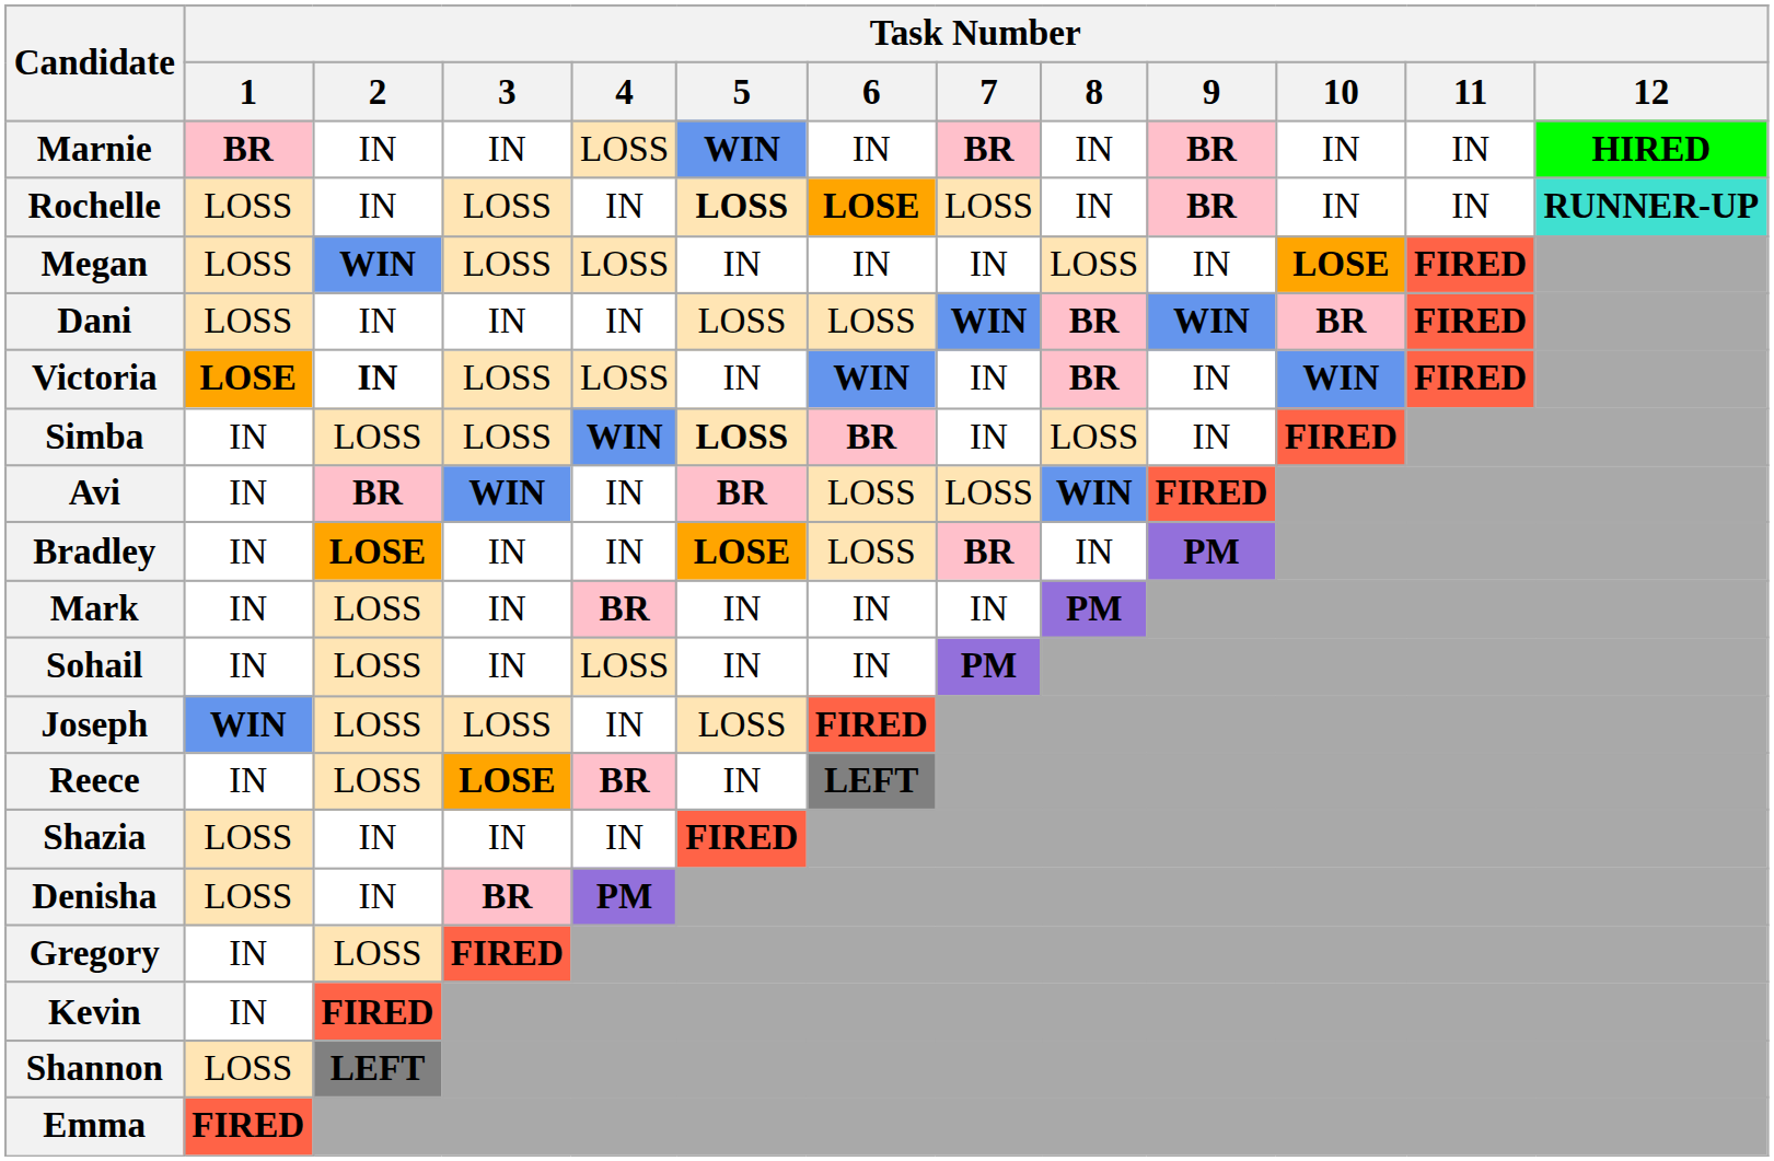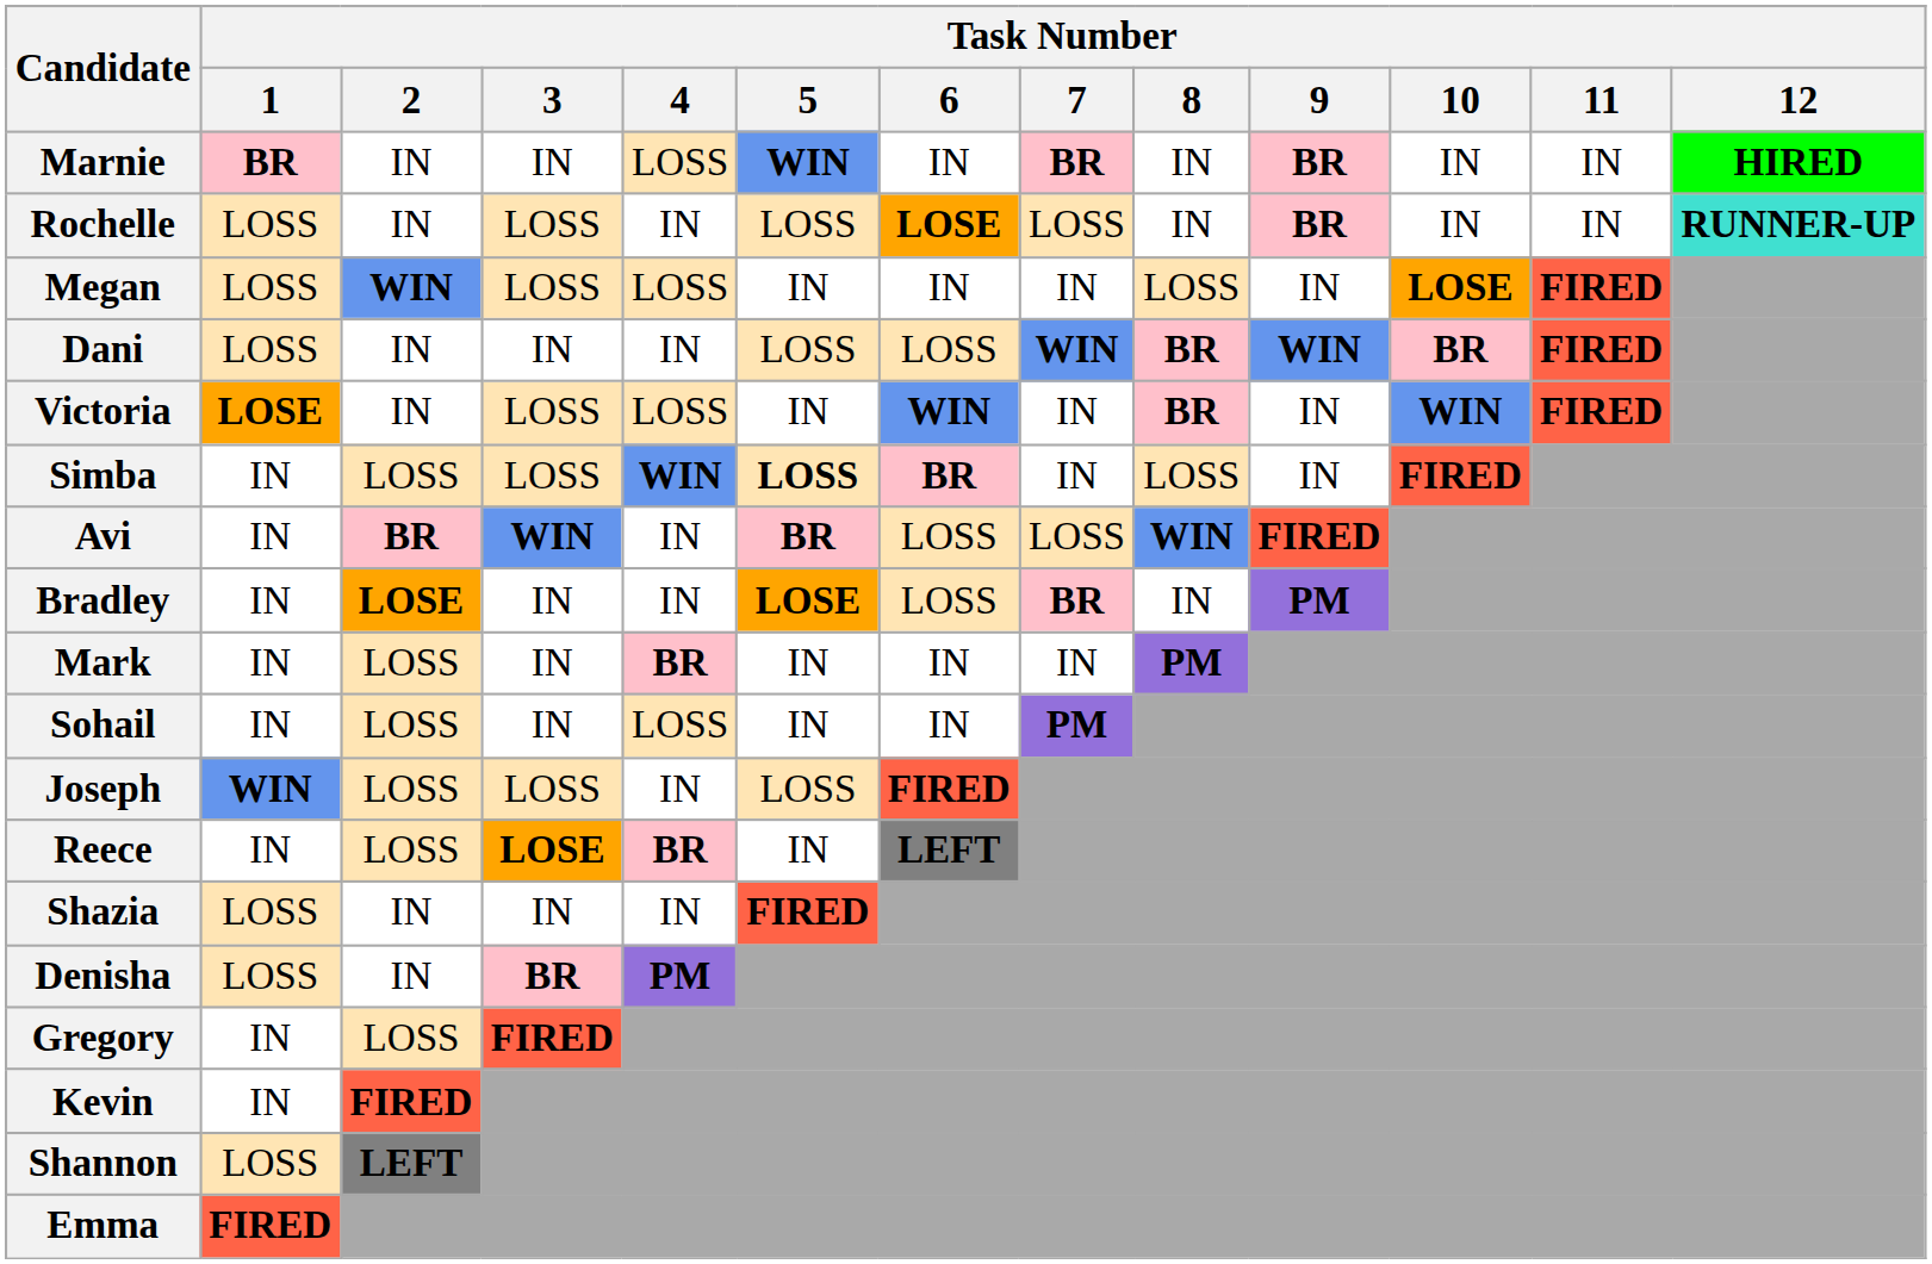 <table class="wikitable" style="text-align:center">
 <tr>
 <th rowspan="2">Candidate</th>
 <th colspan="13">Task Number</th>
 </tr>
 <tr>
 <th>1</th>
 <th>2</th>
 <th>3</th>
 <th>4</th>
 <th>5</th>
 <th>6</th>
 <th>7</th>
 <th>8</th>
 <th>9</th>
 <th>10</th>
 <th>11</th>
 <th>12</th>
 </tr>
 <tr>
 <th>Marnie</th>
 <td style="background:pink;"><strong>BR</strong></td>
 <td style="background:white;">IN</td>
 <td style="background:white;">IN</td>
 <td style="background:#FFE5B4;">LOSS</td>
 <td style="background:cornflowerblue;"><strong>WIN</strong></td>
 <td style="background:white;">IN</td>
 <td style="background:pink;"><strong>BR</strong></td>
 <td style="background:white;">IN</td>
 <td style="background:pink;"><strong>BR</strong></td>
 <td style="background:white;">IN</td>
 <td style="background:white;">IN</td>
 <td style="background:lime;"><strong>HIRED</strong></td>
 </tr>
 <tr>
 <th>Rochelle</th>
 <td style="background:#FFE5B4;">LOSS</td>
 <td style="background:white;">IN</td>
 <td style="background:#FFE5B4;">LOSS</td>
 <td style="background:white;">IN</td>
-<td style="background:#FFE5B4;"><strong>LOSS</strong></td>
+<td style="background:#FFE5B4;">LOSS</td>
 <td style="background:orange;"><strong>LOSE</strong></td>
 <td style="background:#FFE5B4;">LOSS</td>
 <td style="background:white;">IN</td>
 <td style="background:pink;"><strong>BR</strong></td>
 <td style="background:white;">IN</td>
 <td style="background:white;">IN</td>
 <td style="background:turquoise;"><strong>RUNNER-UP</strong></td>
 </tr>
 <tr>
 <th>Megan</th>
 <td style="background:#FFE5B4;">LOSS</td>
 <td style="background:cornflowerblue;"><strong>WIN</strong></td>
 <td style="background:#FFE5B4;">LOSS</td>
 <td style="background:#FFE5B4;">LOSS</td>
 <td style="background:white;">IN</td>
 <td style="background:white;">IN</td>
 <td style="background:white;">IN</td>
 <td style="background:#FFE5B4;">LOSS</td>
 <td style="background:white;">IN</td>
 <td style="background:orange;"><strong>LOSE</strong></td>
 <td style="background:tomato;"><strong>FIRED</strong></td>
 <td colspan="1" style="background:darkgrey;"></td>
 </tr>
 <tr>
 <th>Dani</th>
 <td style="background:#FFE5B4;">LOSS</td>
 <td style="background:white;">IN</td>
 <td style="background:white;">IN</td>
 <td style="background:white;">IN</td>
 <td style="background:#FFE5B4;">LOSS</td>
 <td style="background:#FFE5B4;">LOSS</td>
 <td style="background:cornflowerblue;"><strong>WIN</strong></td>
 <td style="background:pink;"><strong>BR</strong></td>
 <td style="background:cornflowerblue;"><strong>WIN</strong></td>
 <td style="background:pink;"><strong>BR</strong></td>
 <td style="background:tomato;"><strong>FIRED</strong></td>
 <td colspan="1" style="background:darkgrey;"></td>
 </tr>
 <tr>
 <th>Victoria</th>
 <td style="background:orange;"><strong>LOSE</strong></td>
-<td style="background:white;"><strong>IN</strong></td>
+<td style="background:white;">IN</td>
 <td style="background:#FFE5B4;">LOSS</td>
 <td style="background:#FFE5B4;">LOSS</td>
 <td style="background:white;">IN</td>
 <td style="background:cornflowerblue;"><strong>WIN</strong></td>
 <td style="background:white;">IN</td>
 <td style="background:pink;"><strong>BR</strong></td>
 <td style="background:white;">IN</td>
 <td style="background:cornflowerblue;"><strong>WIN</strong></td>
 <td style="background:tomato;"><strong>FIRED</strong></td>
 <td colspan="1" style="background:darkgrey;"></td>
 </tr>
 <tr>
 <th>Simba</th>
 <td style="background:white;">IN</td>
 <td style="background:#FFE5B4;">LOSS</td>
 <td style="background:#FFE5B4;">LOSS</td>
 <td style="background:cornflowerblue;"><strong>WIN</strong></td>
 <td style="background:#FFE5B4;"><strong>LOSS</strong></td>
 <td style="background:pink;"><strong>BR</strong></td>
 <td style="background:white;">IN</td>
 <td style="background:#FFE5B4;">LOSS</td>
 <td style="background:white;">IN</td>
 <td style="background:tomato;"><strong>FIRED</strong></td>
 <td colspan="2" style="background:darkgrey;"></td>
 </tr>
 <tr>
 <th>Avi</th>
 <td style="background:white;">IN</td>
 <td style="background:pink;"><strong>BR</strong></td>
 <td style="background:cornflowerblue;"><strong>WIN</strong></td>
 <td style="background:white;">IN</td>
 <td style="background:pink;"><strong>BR</strong></td>
 <td style="background:#FFE5B4;">LOSS</td>
 <td style="background:#FFE5B4;">LOSS</td>
 <td style="background:cornflowerblue;"><strong>WIN</strong></td>
 <td style="background:tomato;"><strong>FIRED</strong></td>
 <td colspan="3" style="background:darkgrey;"></td>
 </tr>
 <tr>
 <th>Bradley</th>
 <td style="background:white;">IN</td>
 <td style="background:orange;"><strong>LOSE</strong></td>
 <td style="background:white;">IN</td>
 <td style="background:white;">IN</td>
 <td style="background:orange;"><strong>LOSE</strong></td>
 <td style="background:#FFE5B4;">LOSS</td>
 <td style="background:pink;"><strong>BR</strong></td>
 <td style="background:white;">IN</td>
 <td style="background:#9370DB;"><strong>PM</strong></td>
 <td colspan="3" style="background:darkgrey;"></td>
 </tr>
 <tr>
 <th>Mark</th>
 <td style="background:white;">IN</td>
 <td style="background:#FFE5B4;">LOSS</td>
 <td style="background:white;">IN</td>
 <td style="background:pink;"><strong>BR</strong></td>
 <td style="background:white;">IN</td>
 <td style="background:white;">IN</td>
 <td style="background:white;">IN</td>
 <td style="background:#9370DB;"><strong>PM</strong></td>
 <td colspan="4" style="background:darkgrey;"></td>
 </tr>
 <tr>
 <th>Sohail</th>
 <td style="background:white;">IN</td>
 <td style="background:#FFE5B4;">LOSS</td>
 <td style="background:white;">IN</td>
 <td style="background:#FFE5B4;">LOSS</td>
 <td style="background:white;">IN</td>
 <td style="background:white;">IN</td>
 <td style="background:#9370DB;"><strong>PM</strong></td>
 <td colspan="5" style="background:darkgrey;"></td>
 </tr>
 <tr>
 <th>Joseph</th>
 <td style="background:cornflowerblue;"><strong>WIN</strong></td>
 <td style="background:#FFE5B4;">LOSS</td>
 <td style="background:#FFE5B4;">LOSS</td>
 <td style="background:white;">IN</td>
 <td style="background:#FFE5B4;">LOSS</td>
 <td style="background:tomato;"><strong>FIRED</strong></td>
 <td colspan="6" style="background:darkgrey;"></td>
 </tr>
 <tr>
 <th>Reece</th>
 <td style="background:white;">IN</td>
 <td style="background:#FFE5B4;">LOSS</td>
 <td style="background:orange;"><strong>LOSE</strong></td>
 <td style="background:pink;"><strong>BR</strong></td>
 <td style="background:white;">IN</td>
 <td style="background:grey;"><strong>LEFT</strong></td>
 <td colspan="6" style="background:darkgrey;"></td>
 </tr>
 <tr>
 <th>Shazia</th>
 <td style="background:#FFE5B4;">LOSS</td>
 <td style="background:white;">IN</td>
 <td style="background:white;">IN</td>
 <td style="background:white;">IN</td>
 <td style="background:tomato;"><strong>FIRED</strong></td>
 <td colspan="7" style="background:darkgrey;"></td>
 </tr>
 <tr>
 <th>Denisha</th>
 <td style="background:#FFE5B4;">LOSS</td>
 <td style="background:white;">IN</td>
 <td style="background:pink;"><strong>BR</strong></td>
 <td style="background:#9370DB;"><strong>PM</strong></td>
 <td colspan="8" style="background:darkgrey;"></td>
 </tr>
 <tr>
 <th>Gregory</th>
 <td style="background:white;">IN</td>
 <td style="background:#FFE5B4;">LOSS</td>
 <td style="background:tomato;"><strong>FIRED</strong></td>
 <td colspan="9" style="background:darkgrey;"></td>
 </tr>
 <tr>
 <th>Kevin</th>
 <td style="background:white;">IN</td>
 <td style="background:tomato;"><strong>FIRED</strong></td>
 <td colspan="10" style="background:darkgrey;"></td>
 </tr>
 <tr>
 <th>Shannon</th>
 <td style="background:#FFE5B4;">LOSS</td>
 <td style="background:grey;"><strong>LEFT</strong></td>
 <td colspan="10" style="background:darkgrey;"></td>
 </tr>
 <tr>
 <th>Emma</th>
 <td style="background:tomato;"><strong>FIRED</strong></td>
 <td colspan="11" style="background:darkgrey;"></td>
 </tr>
 </table>
